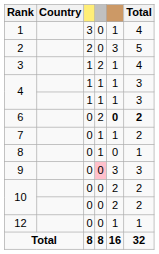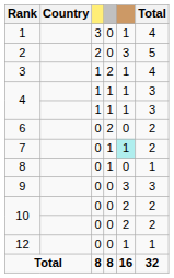 <table class="wikitable sortable" style="text-align:center">
 <tr>
 <th>Rank</th>
 <th>Country</th>
 <td bgcolor="ffee77"></td>
 <td bgcolor="silver"></td>
 <td bgcolor="CC9966"></td>
 <th>Total</th>
 </tr>
 <tr>
 <td>1</td>
 <td style="text-align:left"></td>
 <td>3</td>
 <td>0</td>
 <td>1</td>
 <td>4</td>
 </tr>
 <tr>
 <td>2</td>
 <td style="text-align:left"></td>
 <td>2</td>
 <td>0</td>
 <td>3</td>
 <td>5</td>
 </tr>
 <tr>
 <td>3</td>
 <td style="text-align:left"></td>
 <td>1</td>
 <td>2</td>
 <td>1</td>
 <td>4</td>
 </tr>
 <tr>
 <td rowspan=2>4</td>
 <td style="text-align:left"></td>
 <td>1</td>
 <td>1</td>
 <td>1</td>
 <td>3</td>
 </tr>
 <tr>
 <td style="text-align:left"></td>
 <td>1</td>
 <td>1</td>
 <td>1</td>
 <td>3</td>
 </tr>
 <tr>
 <td>6</td>
 <td style="text-align:left"></td>
 <td>0</td>
 <td>2</td>
-<td><strong>0</strong></td>
-<td><strong>2</strong></td>
+<td>0</td>
+<td>2</td>
 </tr>
 <tr>
 <td>7</td>
 <td style="text-align:left"></td>
 <td>0</td>
 <td>1</td>
-<td>1</td>
+<td style="background: paleturquoise;">1</td>
 <td>2</td>
 </tr>
 <tr>
 <td>8</td>
 <td style="text-align:left"></td>
 <td>0</td>
 <td>1</td>
 <td>0</td>
 <td>1</td>
 </tr>
 <tr>
 <td>9</td>
 <td style="text-align:left"></td>
 <td>0</td>
-<td style="background: pink;">0</td>
+<td>0</td>
 <td>3</td>
 <td>3</td>
 </tr>
 <tr>
 <td rowspan=2>10</td>
 <td style="text-align:left"></td>
 <td>0</td>
 <td>0</td>
 <td>2</td>
 <td>2</td>
 </tr>
 <tr>
 <td style="text-align:left"></td>
 <td>0</td>
 <td>0</td>
 <td>2</td>
 <td>2</td>
 </tr>
 <tr>
 <td>12</td>
 <td style="text-align:left"></td>
 <td>0</td>
 <td>0</td>
 <td>1</td>
 <td>1</td>
 </tr>
 <tr>
 <td colspan=2 align="center"><strong>Total</strong></td>
 <td><strong>8</strong></td>
 <td><strong>8</strong></td>
 <td><strong>16</strong></td>
 <td><strong>32</strong></td>
 </tr>
 </table>
